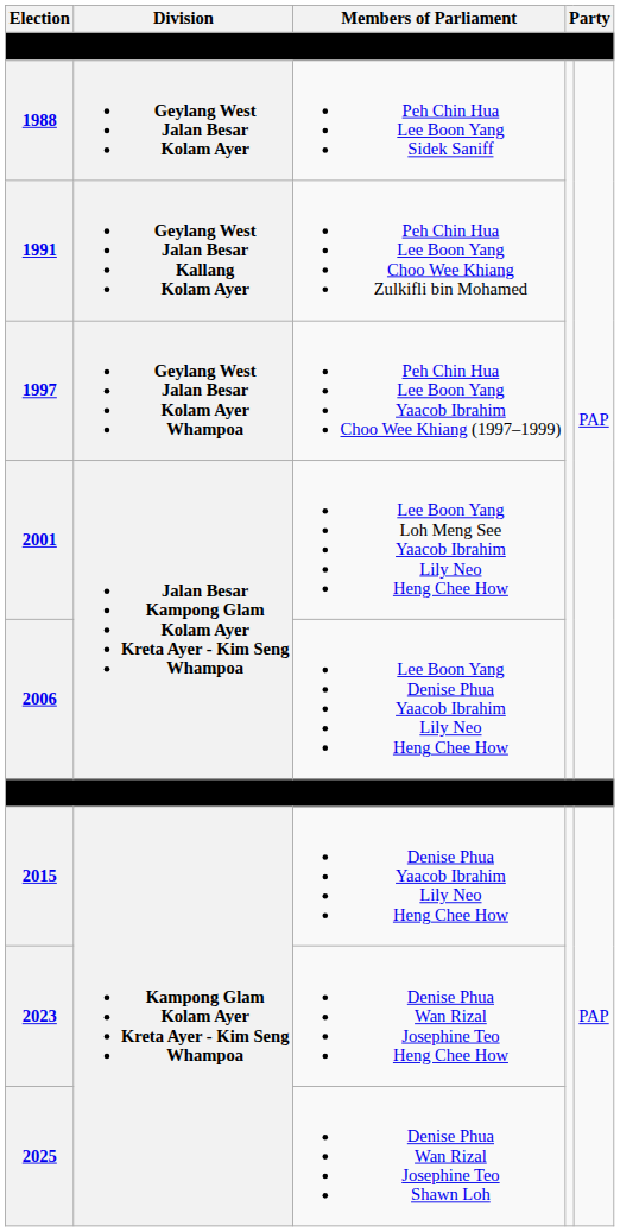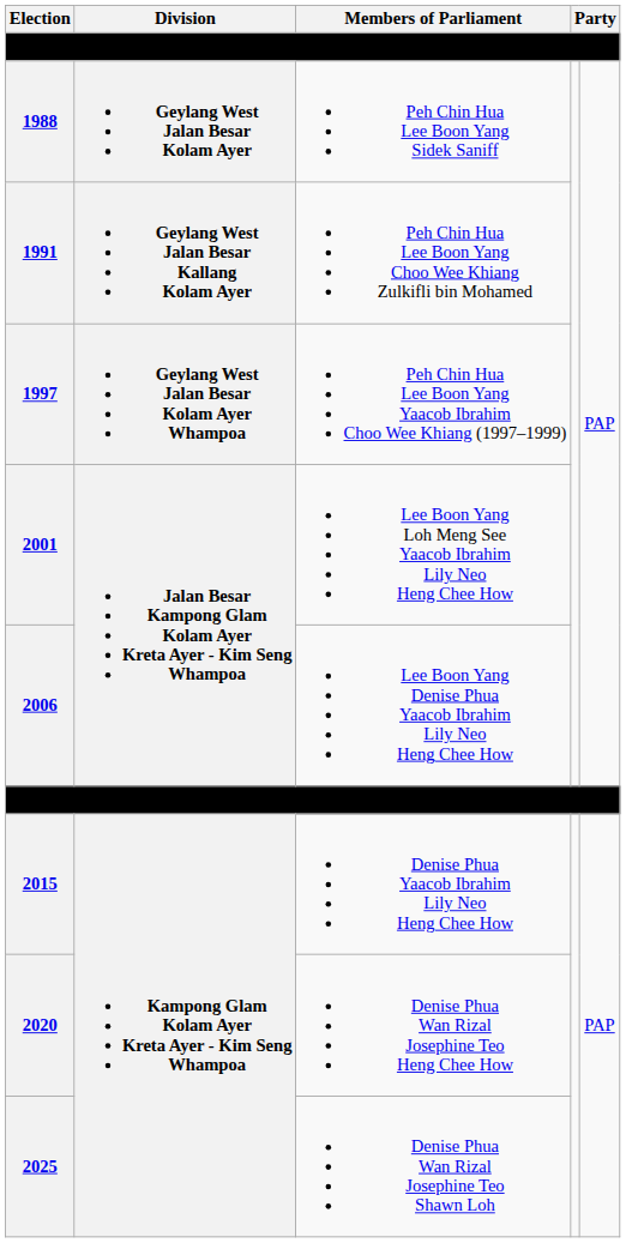 <table class="wikitable" align="center" style="text-align:center">
 <tr>
 <th>Election</th>
 <th>Division</th>
 <th>Members of Parliament</th>
 <th colspan="2">Party</th>
 </tr>
 <tr>
 <td colspan="5" bgcolor="black"><span><strong>Formation</strong></span></td>
 </tr>
 <tr>
 <th><a href='#'>1988</a></th>
 <th><br><ul><li>Geylang West</li><li>Jalan Besar</li><li>Kolam Ayer</li></ul></th>
 <td><br><ul><li><a href='#'>Peh Chin Hua</a></li><li><a href='#'>Lee Boon Yang</a></li><li><a href='#'>Sidek Saniff</a></li></ul></td>
 <td rowspan="5"></td>
 <td rowspan="5"><a href='#'>PAP</a></td>
 </tr>
 <tr>
 <th><a href='#'>1991</a></th>
 <th><br><ul><li>Geylang West</li><li>Jalan Besar</li><li>Kallang</li><li>Kolam Ayer</li></ul></th>
 <td><br><ul><li><a href='#'>Peh Chin Hua</a></li><li><a href='#'>Lee Boon Yang</a></li><li><a href='#'>Choo Wee Khiang</a></li><li>Zulkifli bin Mohamed</li></ul></td>
 </tr>
 <tr>
 <th><a href='#'>1997</a></th>
 <th><br><ul><li>Geylang West</li><li>Jalan Besar</li><li>Kolam Ayer</li><li>Whampoa</li></ul></th>
 <td><br><ul><li><a href='#'>Peh Chin Hua</a></li><li><a href='#'>Lee Boon Yang</a></li><li><a href='#'>Yaacob Ibrahim</a></li><li><a href='#'>Choo Wee Khiang</a> (1997–1999)</li></ul></td>
 </tr>
 <tr>
 <th><a href='#'>2001</a></th>
 <th rowspan=2><br><ul><li>Jalan Besar</li><li>Kampong Glam</li><li>Kolam Ayer</li><li>Kreta Ayer - Kim Seng</li><li>Whampoa</li></ul></th>
 <td><br><ul><li><a href='#'>Lee Boon Yang</a></li><li>Loh Meng See</li><li><a href='#'>Yaacob Ibrahim</a></li><li><a href='#'>Lily Neo</a></li><li><a href='#'>Heng Chee How</a></li></ul></td>
 </tr>
 <tr>
 <th><a href='#'>2006</a></th>
 <td><br><ul><li><a href='#'>Lee Boon Yang</a></li><li><a href='#'>Denise Phua</a></li><li><a href='#'>Yaacob Ibrahim</a></li><li><a href='#'>Lily Neo</a></li><li><a href='#'>Heng Chee How</a></li></ul></td>
 </tr>
 <tr>
 <td colspan="5" bgcolor="black"><span><strong>Constituency abolished (2011–2015)</strong></span></td>
 </tr>
 <tr>
 <th><a href='#'>2015</a></th>
 <th rowspan=3><br><ul><li>Kampong Glam</li><li>Kolam Ayer</li><li>Kreta Ayer - Kim Seng</li><li>Whampoa</li></ul></th>
 <td><br><ul><li><a href='#'>Denise Phua</a></li><li><a href='#'>Yaacob Ibrahim</a></li><li><a href='#'>Lily Neo</a></li><li><a href='#'>Heng Chee How</a></li></ul></td>
 <td rowspan="3"></td>
 <td rowspan="3"><a href='#'>PAP</a></td>
 </tr>
 <tr>
-<th><a href='#'>2023</a></th>
+<th><a href='#'>2020</a></th>
 <td><br><ul><li><a href='#'>Denise Phua</a></li><li><a href='#'>Wan Rizal</a></li><li><a href='#'>Josephine Teo</a></li><li><a href='#'>Heng Chee How</a></li></ul></td>
 </tr>
 <tr>
 <th><a href='#'>2025</a></th>
 <td><br><ul><li><a href='#'>Denise Phua</a></li><li><a href='#'>Wan Rizal</a></li><li><a href='#'>Josephine Teo</a></li><li><a href='#'>Shawn Loh</a></li></ul></td>
 </tr>
 </table>
